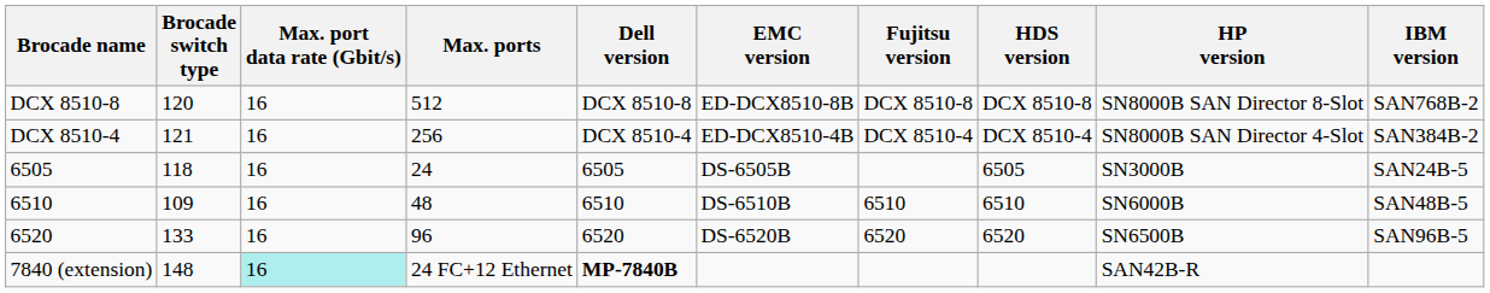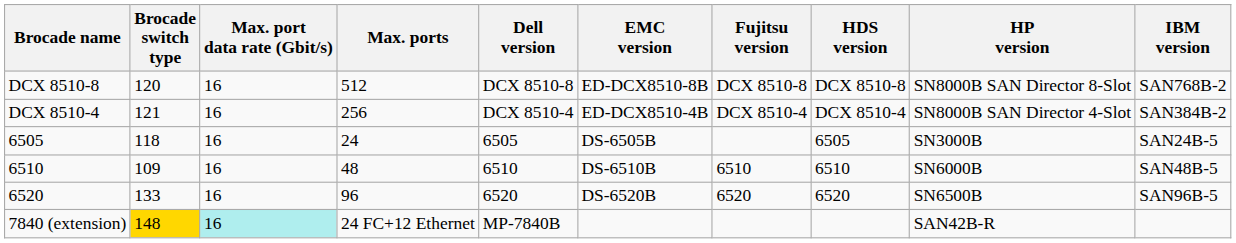 <table class="wikitable">
 <tr>
 <th>Brocade name</th>
 <th>Brocade<br>switch<br>type</th>
 <th>Max. port<br> data rate (Gbit/s)</th>
 <th>Max. ports</th>
 <th>Dell<br> version<br></th>
 <th>EMC<br> version<br></th>
 <th>Fujitsu<br> version<br></th>
 <th>HDS<br> version<br></th>
 <th>HP <br> version<br></th>
 <th>IBM <br> version<br></th>
 </tr>
 <tr>
 <td>DCX 8510-8</td>
 <td>120</td>
 <td>16</td>
 <td>512</td>
 <td>DCX 8510-8</td>
 <td>ED-DCX8510-8B</td>
 <td>DCX 8510-8</td>
 <td>DCX 8510-8</td>
 <td>SN8000B SAN Director 8-Slot</td>
 <td>SAN768B-2</td>
 </tr>
 <tr>
 <td>DCX 8510-4</td>
 <td>121</td>
 <td>16</td>
 <td>256</td>
 <td>DCX 8510-4</td>
 <td>ED-DCX8510-4B</td>
 <td>DCX 8510-4</td>
 <td>DCX 8510-4</td>
 <td>SN8000B SAN Director 4-Slot</td>
 <td>SAN384B-2</td>
 </tr>
 <tr>
 <td>6505</td>
 <td>118</td>
 <td>16</td>
 <td>24</td>
 <td>6505</td>
 <td>DS-6505B</td>
 <td></td>
 <td>6505</td>
 <td>SN3000B</td>
 <td>SAN24B-5</td>
 </tr>
 <tr>
 <td>6510</td>
 <td>109</td>
 <td>16</td>
 <td>48</td>
 <td>6510</td>
 <td>DS-6510B</td>
 <td>6510</td>
 <td>6510</td>
 <td>SN6000B</td>
 <td>SAN48B-5</td>
 </tr>
 <tr>
 <td>6520</td>
 <td>133</td>
 <td>16</td>
 <td>96</td>
 <td>6520</td>
 <td>DS-6520B</td>
 <td>6520</td>
 <td>6520</td>
 <td>SN6500B</td>
 <td>SAN96B-5</td>
 </tr>
 <tr>
 <td>7840 (extension)</td>
-<td>148</td>
+<td style="background: gold;">148</td>
 <td style="background: paleturquoise;">16</td>
 <td>24 FC+12 Ethernet</td>
-<td><strong>MP-7840B</strong></td>
+<td>MP-7840B</td>
 <td></td>
 <td></td>
 <td></td>
 <td>SAN42B-R</td>
 </tr>
 </table>
